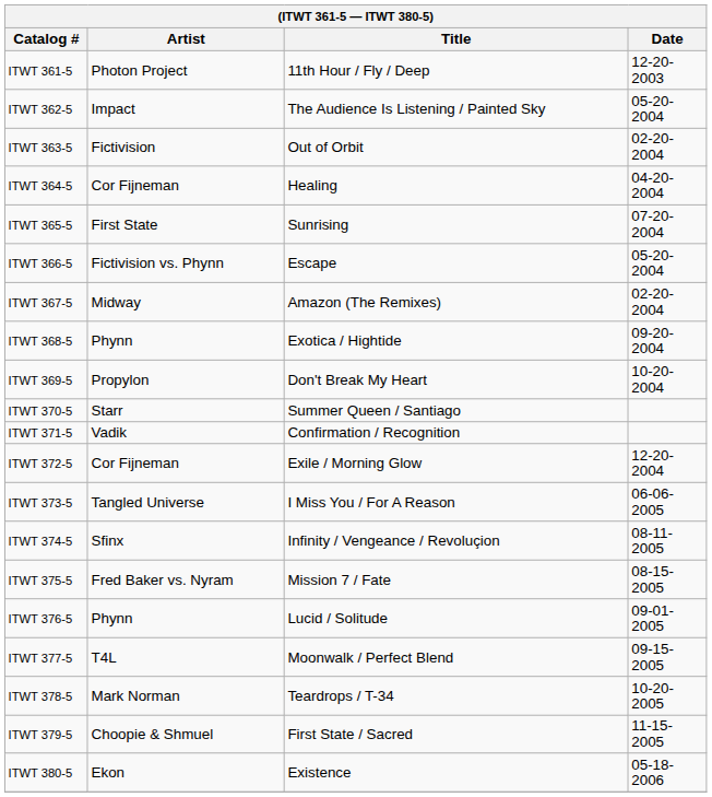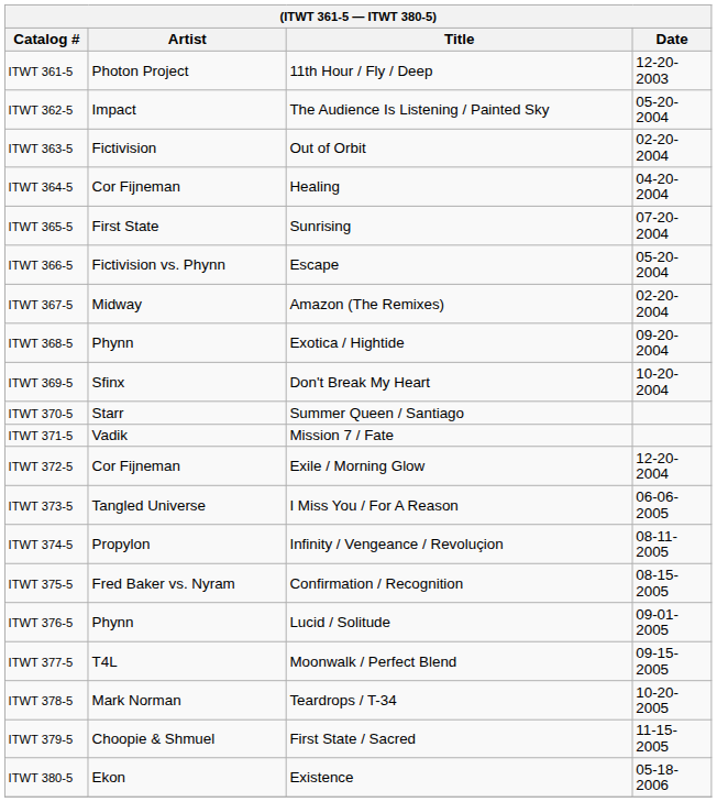 <table width="80%" class="wikitable collapsible collapsed" style="font-size:92%;position:relative;">
 <tr>
 <th colspan="5"><small>(ITWT 361-5 — ITWT 380-5)</small></th>
 </tr>
 <tr>
 <th width="8%">Catalog #</th>
 <th width="20%">Artist</th>
 <th width="35%">Title</th>
 <th width="8%">Date</th>
 </tr>
 <tr>
 <td><small>ITWT 361-5</small></td>
 <td>Photon Project</td>
 <td>11th Hour / Fly / Deep</td>
 <td>12-20-2003</td>
 </tr>
 <tr>
 <td><small>ITWT 362-5</small></td>
 <td>Impact</td>
 <td>The Audience Is Listening / Painted Sky</td>
 <td>05-20-2004</td>
 </tr>
 <tr>
 <td><small>ITWT 363-5</small></td>
 <td>Fictivision</td>
 <td>Out of Orbit</td>
 <td>02-20-2004</td>
 </tr>
 <tr>
 <td><small>ITWT 364-5</small></td>
 <td>Cor Fijneman</td>
 <td>Healing</td>
 <td>04-20-2004</td>
 </tr>
 <tr>
 <td><small>ITWT 365-5</small></td>
 <td>First State</td>
 <td>Sunrising</td>
 <td>07-20-2004</td>
 </tr>
 <tr>
 <td><small>ITWT 366-5</small></td>
 <td>Fictivision vs. Phynn</td>
 <td>Escape</td>
 <td>05-20-2004</td>
 </tr>
 <tr>
 <td><small>ITWT 367-5</small></td>
 <td>Midway</td>
 <td>Amazon (The Remixes)</td>
 <td>02-20-2004</td>
 </tr>
 <tr>
 <td><small>ITWT 368-5</small></td>
 <td>Phynn</td>
 <td>Exotica / Hightide</td>
 <td>09-20-2004</td>
 </tr>
 <tr>
 <td><small>ITWT 369-5</small></td>
-<td>Propylon</td>
+<td>Sfinx</td>
 <td>Don't Break My Heart</td>
 <td>10-20-2004</td>
 </tr>
 <tr>
 <td><small>ITWT 370-5</small></td>
 <td>Starr</td>
 <td>Summer Queen / Santiago</td>
 <td></td>
 </tr>
 <tr>
 <td><small>ITWT 371-5</small></td>
 <td>Vadik</td>
-<td>Confirmation / Recognition</td>
+<td>Mission 7 / Fate</td>
 <td></td>
 </tr>
 <tr>
 <td><small>ITWT 372-5</small></td>
 <td>Cor Fijneman</td>
 <td>Exile / Morning Glow</td>
 <td>12-20-2004</td>
 </tr>
 <tr>
 <td><small>ITWT 373-5</small></td>
 <td>Tangled Universe</td>
 <td>I Miss You / For A Reason</td>
 <td>06-06-2005</td>
 </tr>
 <tr>
 <td><small>ITWT 374-5</small></td>
-<td>Sfinx</td>
+<td>Propylon</td>
 <td>Infinity / Vengeance / Revoluçion</td>
 <td>08-11-2005</td>
 </tr>
 <tr>
 <td><small>ITWT 375-5</small></td>
 <td>Fred Baker vs. Nyram</td>
-<td>Mission 7 / Fate</td>
+<td>Confirmation / Recognition</td>
 <td>08-15-2005</td>
 </tr>
 <tr>
 <td><small>ITWT 376-5</small></td>
 <td>Phynn</td>
 <td>Lucid / Solitude</td>
 <td>09-01-2005</td>
 </tr>
 <tr>
 <td><small>ITWT 377-5</small></td>
 <td>T4L</td>
 <td>Moonwalk / Perfect Blend</td>
 <td>09-15-2005</td>
 </tr>
 <tr>
 <td><small>ITWT 378-5</small></td>
 <td>Mark Norman</td>
 <td>Teardrops / T-34</td>
 <td>10-20-2005</td>
 </tr>
 <tr>
 <td><small>ITWT 379-5</small></td>
 <td>Choopie & Shmuel</td>
 <td>First State / Sacred</td>
 <td>11-15-2005</td>
 </tr>
 <tr>
 <td><small>ITWT 380-5</small></td>
 <td>Ekon</td>
 <td>Existence</td>
 <td>05-18-2006</td>
 </tr>
 <tr>
 </tr>
 </table>
